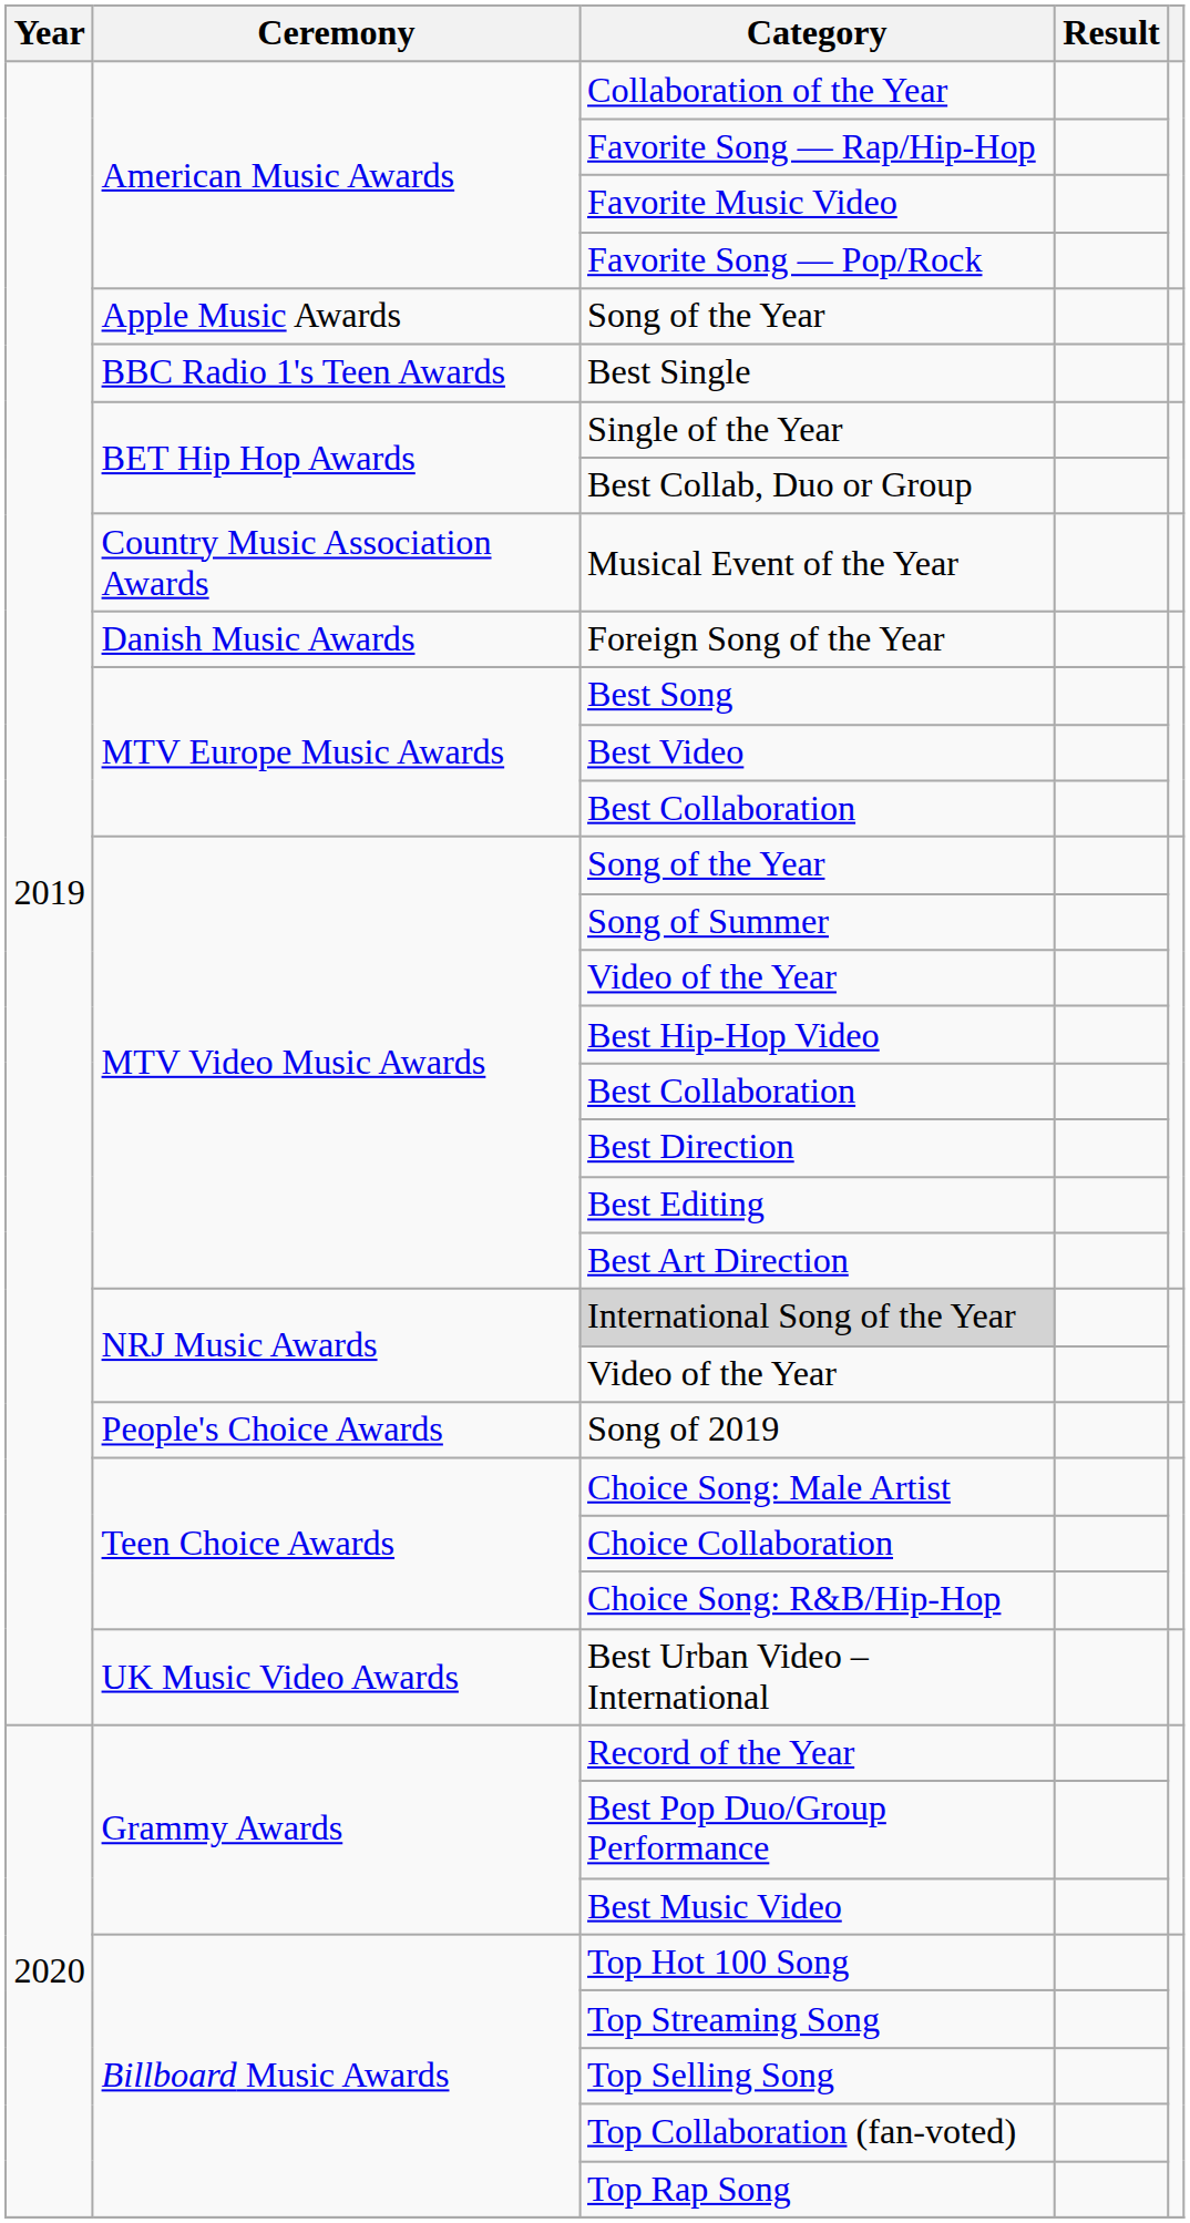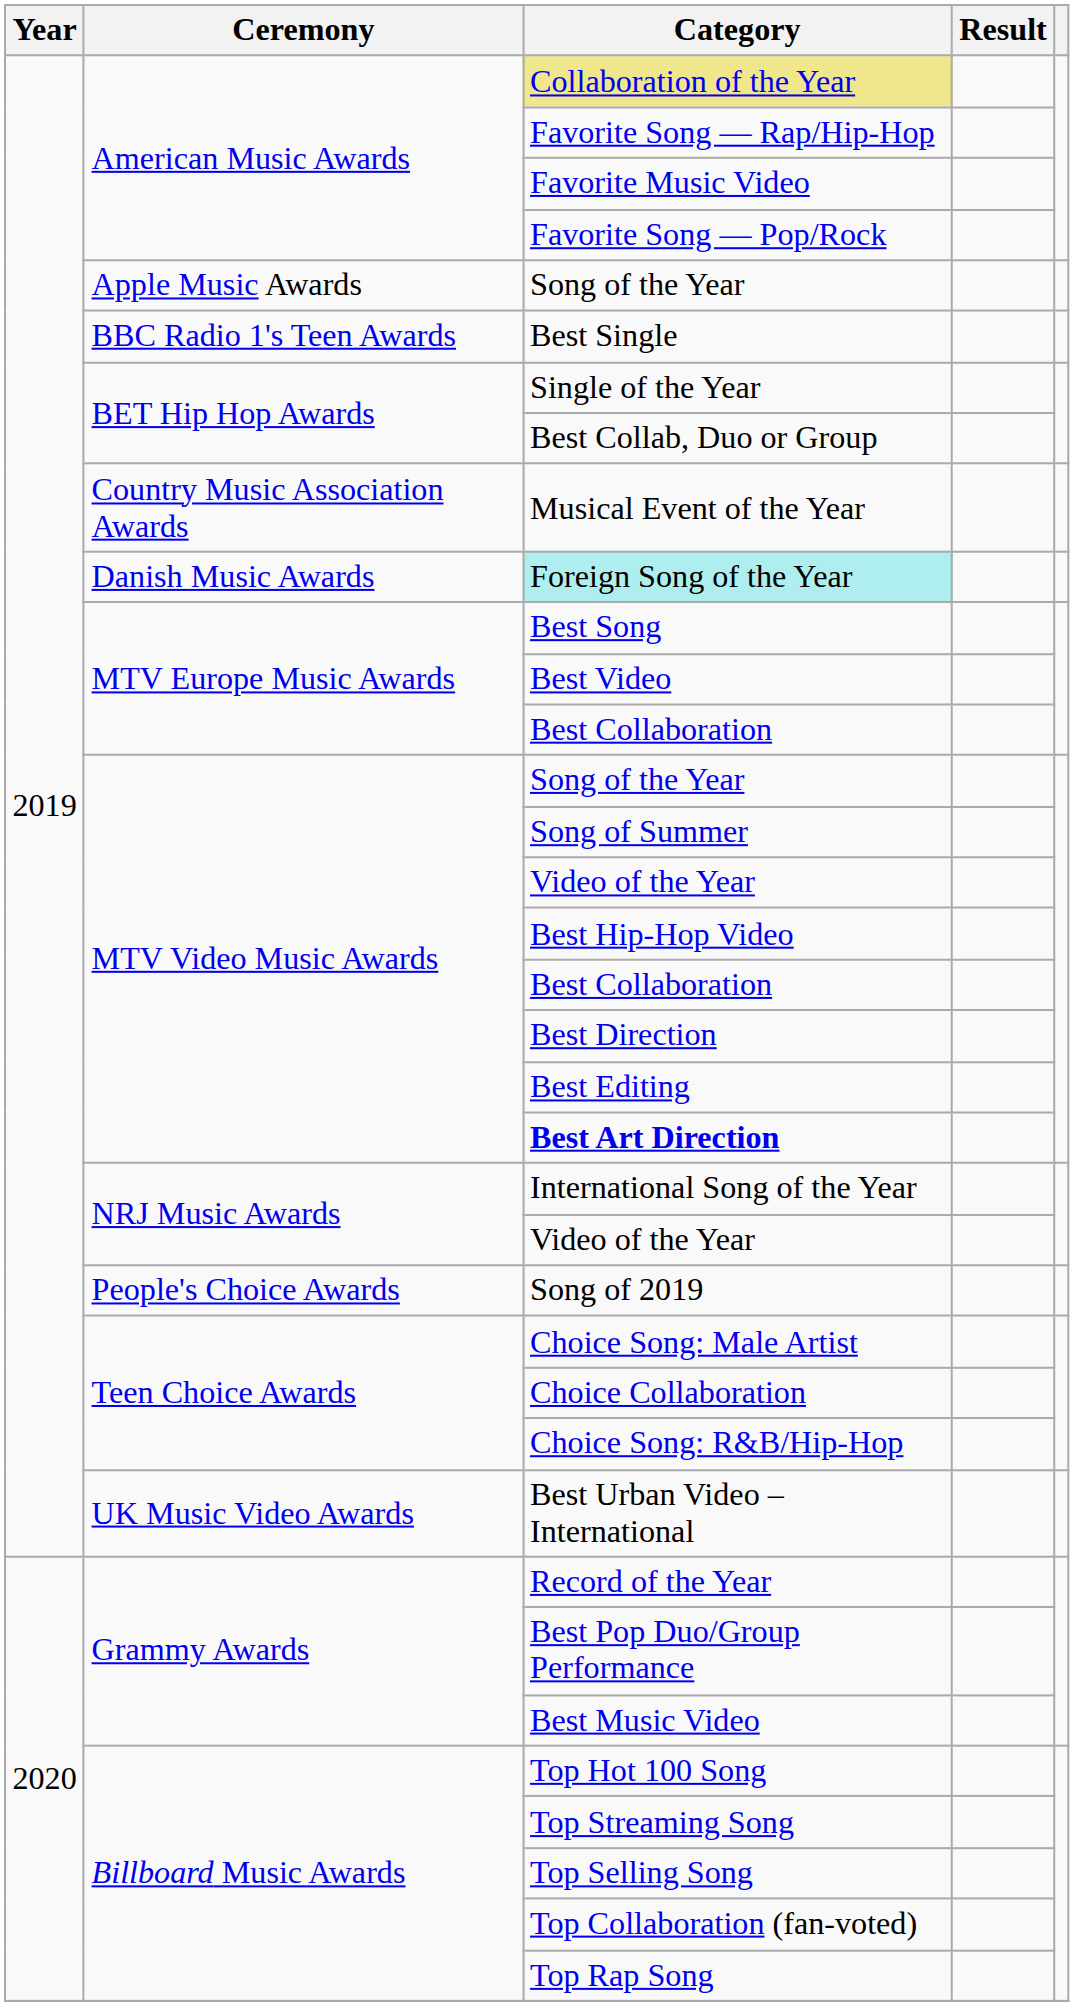 <table class="wikitable sortable plainrowheaders" style="width: 60%;">
 <tr>
 <th scope="col">Year</th>
 <th scope="col">Ceremony</th>
 <th scope="col">Category</th>
 <th scope="col">Result</th>
 <th scope="col" class="unsortable"></th>
 </tr>
 <tr>
 <td rowspan="28">2019</td>
 <td rowspan="4"><a href='#'>American Music Awards</a></td>
-<td><a href='#'>Collaboration of the Year</a></td>
+<td style="background: khaki;"><a href='#'>Collaboration of the Year</a></td>
 <td></td>
 <td style="text-align:center;" rowspan="4"></td>
 </tr>
 <tr>
 <td><a href='#'>Favorite Song — Rap/Hip-Hop</a></td>
 <td></td>
 </tr>
 <tr>
 <td><a href='#'>Favorite Music Video</a></td>
 <td></td>
 </tr>
 <tr>
 <td><a href='#'>Favorite Song — Pop/Rock</a></td>
 <td></td>
 </tr>
 <tr>
 <td><a href='#'>Apple Music</a> Awards</td>
 <td>Song of the Year</td>
 <td></td>
 <td style="text-align:center;"></td>
 </tr>
 <tr>
 <td><a href='#'>BBC Radio 1's Teen Awards</a></td>
 <td>Best Single</td>
 <td></td>
 <td style="text-align:center;"></td>
 </tr>
 <tr>
 <td rowspan="2"><a href='#'>BET Hip Hop Awards</a></td>
 <td>Single of the Year</td>
 <td></td>
 <td style="text-align:center;" rowspan="2"></td>
 </tr>
 <tr>
 <td>Best Collab, Duo or Group</td>
 <td></td>
 </tr>
 <tr>
 <td><a href='#'>Country Music Association Awards</a></td>
 <td>Musical Event of the Year</td>
 <td></td>
 <td style="text-align:center;"></td>
 </tr>
 <tr>
 <td><a href='#'>Danish Music Awards</a></td>
-<td>Foreign Song of the Year</td>
+<td style="background: paleturquoise;">Foreign Song of the Year</td>
 <td></td>
 <td style="text-align:center;"></td>
 </tr>
 <tr>
 <td rowspan="3"><a href='#'>MTV Europe Music Awards</a></td>
 <td><a href='#'>Best Song</a></td>
 <td></td>
 <td style="text-align:center;" rowspan="3"></td>
 </tr>
 <tr>
 <td><a href='#'>Best Video</a></td>
 <td></td>
 </tr>
 <tr>
 <td><a href='#'>Best Collaboration</a></td>
 <td></td>
 </tr>
 <tr>
 <td rowspan="8"><a href='#'>MTV Video Music Awards</a></td>
 <td><a href='#'>Song of the Year</a></td>
 <td></td>
 <td style="text-align:center;" rowspan="8"></td>
 </tr>
 <tr>
 <td><a href='#'>Song of Summer</a></td>
 <td></td>
 </tr>
 <tr>
 <td><a href='#'>Video of the Year</a></td>
 <td></td>
 </tr>
 <tr>
 <td><a href='#'>Best Hip-Hop Video</a></td>
 <td></td>
 </tr>
 <tr>
 <td><a href='#'>Best Collaboration</a></td>
 <td></td>
 </tr>
 <tr>
 <td><a href='#'>Best Direction</a></td>
 <td></td>
 </tr>
 <tr>
 <td><a href='#'>Best Editing</a></td>
 <td></td>
 </tr>
 <tr>
-<td><a href='#'>Best Art Direction</a></td>
+<td><strong><a href='#'>Best Art Direction</a></strong></td>
 <td></td>
 </tr>
 <tr>
 <td rowspan="2"><a href='#'>NRJ Music Awards</a></td>
-<td style="background: lightgrey;">International Song of the Year</td>
+<td>International Song of the Year</td>
 <td></td>
 <td style="text-align:center;" rowspan="2"></td>
 </tr>
 <tr>
 <td>Video of the Year</td>
 <td></td>
 </tr>
 <tr>
 <td><a href='#'>People's Choice Awards</a></td>
 <td>Song of 2019</td>
 <td></td>
 <td style="text-align:center;"></td>
 </tr>
 <tr>
 <td rowspan="3"><a href='#'>Teen Choice Awards</a></td>
 <td><a href='#'>Choice Song: Male Artist</a></td>
 <td></td>
 <td style="text-align:center;" rowspan="3"></td>
 </tr>
 <tr>
 <td><a href='#'>Choice Collaboration</a></td>
 <td></td>
 </tr>
 <tr>
 <td><a href='#'>Choice Song: R&B/Hip-Hop</a></td>
 <td></td>
 </tr>
 <tr>
 <td><a href='#'>UK Music Video Awards</a></td>
 <td>Best Urban Video – International</td>
 <td></td>
 <td style="text-align:center;"></td>
 </tr>
 <tr>
 <td rowspan="8">2020</td>
 <td rowspan="3"><a href='#'>Grammy Awards</a></td>
 <td><a href='#'>Record of the Year</a></td>
 <td></td>
 <td style="text-align:center;" rowspan="3"></td>
 </tr>
 <tr>
 <td><a href='#'>Best Pop Duo/Group Performance</a></td>
 <td></td>
 </tr>
 <tr>
 <td><a href='#'>Best Music Video</a></td>
 <td></td>
 </tr>
 <tr>
 <td rowspan="5"><a href='#'><em>Billboard</em> Music Awards</a></td>
 <td><a href='#'>Top Hot 100 Song</a></td>
 <td></td>
 <td style="text-align:center;" rowspan="5"></td>
 </tr>
 <tr>
 <td><a href='#'>Top Streaming Song</a></td>
 <td></td>
 </tr>
 <tr>
 <td><a href='#'>Top Selling Song</a></td>
 <td></td>
 </tr>
 <tr>
 <td><a href='#'>Top Collaboration</a> (fan-voted)</td>
 <td></td>
 </tr>
 <tr>
 <td><a href='#'>Top Rap Song</a></td>
 <td></td>
 </tr>
 <tr>
 </tr>
 </table>
